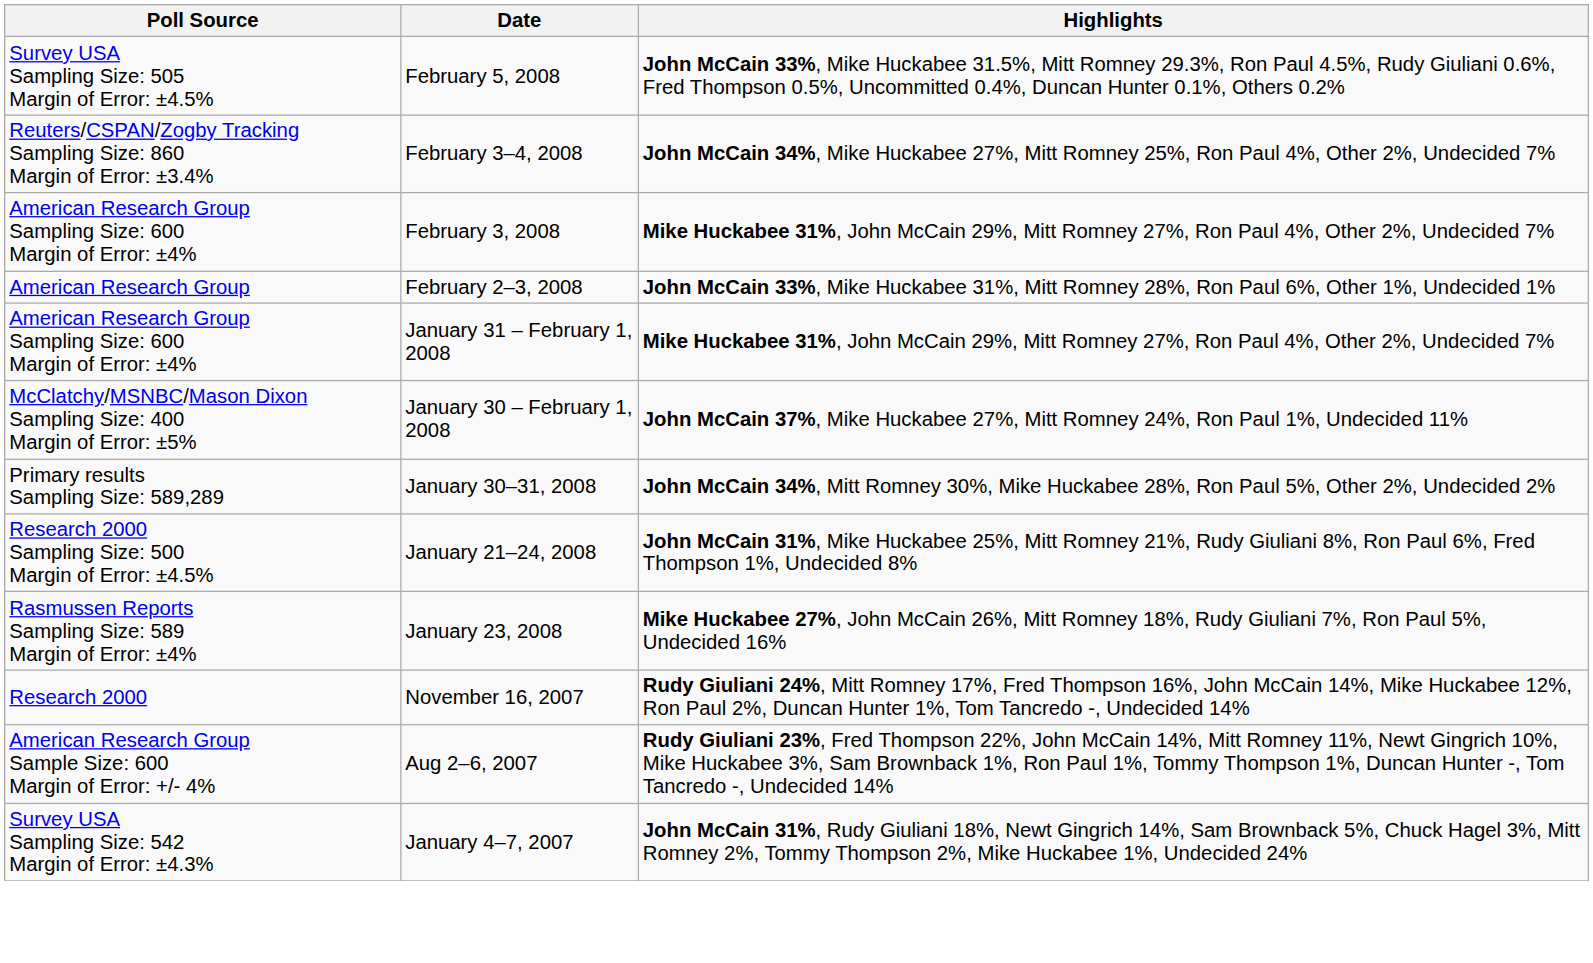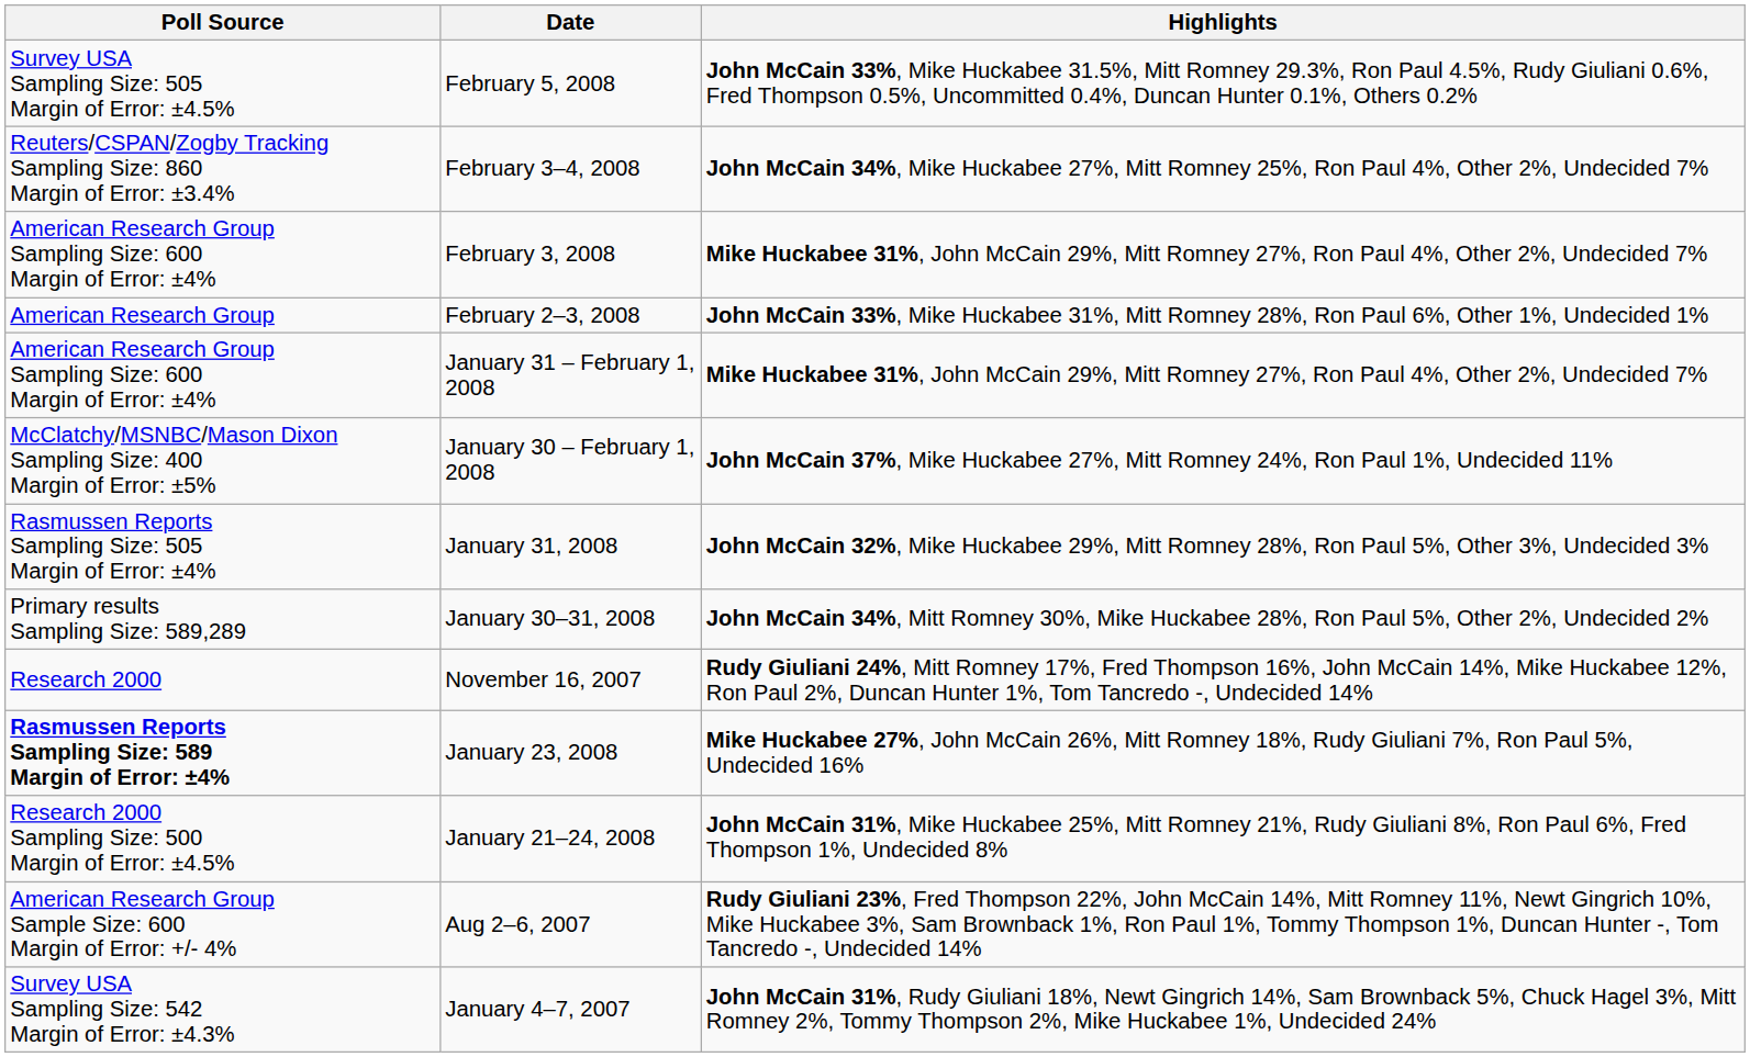 <table class="wikitable sortable">
 <tr>
 <th width="25%">Poll Source</th>
 <th width="15%">Date</th>
 <th width="60%">Highlights</th>
 </tr>
 <tr>
 <td><a href='#'>Survey USA</a><br>Sampling Size: 505<br> Margin of Error: ±4.5%</td>
 <td>February 5, 2008</td>
 <td><strong>John McCain 33%</strong>, Mike Huckabee 31.5%, Mitt Romney 29.3%, Ron Paul 4.5%, Rudy Giuliani 0.6%, Fred Thompson 0.5%, Uncommitted 0.4%, Duncan Hunter 0.1%, Others 0.2%</td>
 </tr>
 <tr>
 <td><a href='#'>Reuters</a>/<a href='#'>CSPAN</a>/<a href='#'>Zogby Tracking</a><br>Sampling Size: 860<br> Margin of Error: ±3.4%</td>
 <td>February 3–4, 2008</td>
 <td><strong>John McCain 34%</strong>, Mike Huckabee 27%, Mitt Romney 25%, Ron Paul 4%, Other 2%, Undecided 7%</td>
 </tr>
 <tr>
 <td><a href='#'>American Research Group</a><br>Sampling Size: 600<br> Margin of Error: ±4%</td>
 <td>February 3, 2008</td>
 <td><strong>Mike Huckabee 31%</strong>, John McCain 29%, Mitt Romney 27%, Ron Paul 4%, Other 2%, Undecided 7%</td>
 </tr>
 <tr>
 <td><a href='#'>American Research Group</a></td>
 <td>February 2–3, 2008</td>
 <td><strong>John McCain 33%</strong>, Mike Huckabee 31%, Mitt Romney 28%, Ron Paul 6%, Other 1%, Undecided 1%</td>
 </tr>
 <tr>
 <td><a href='#'>American Research Group</a><br>Sampling Size: 600<br> Margin of Error: ±4%</td>
 <td>January 31 – February 1, 2008</td>
 <td><strong>Mike Huckabee 31%</strong>, John McCain 29%, Mitt Romney 27%, Ron Paul 4%, Other 2%, Undecided 7%</td>
 </tr>
 <tr>
 <td><a href='#'>McClatchy</a>/<a href='#'>MSNBC</a>/<a href='#'>Mason Dixon</a><br>Sampling Size: 400<br> Margin of Error: ±5%</td>
 <td>January 30 – February 1, 2008</td>
 <td><strong>John McCain 37%</strong>, Mike Huckabee 27%, Mitt Romney 24%, Ron Paul 1%, Undecided 11%</td>
 </tr>
 <tr>
+<td><a href='#'>Rasmussen Reports</a><br>Sampling Size: 505<br> Margin of Error: ±4%</td>
+<td>January 31, 2008</td>
+<td><strong>John McCain 32%</strong>, Mike Huckabee 29%, Mitt Romney 28%, Ron Paul 5%, Other 3%, Undecided 3%</td>
+</tr>
+<tr>
 <td>Primary results<br>Sampling Size: 589,289<br></td>
 <td>January 30–31, 2008</td>
 <td><strong>John McCain 34%</strong>, Mitt Romney 30%, Mike Huckabee 28%, Ron Paul 5%, Other 2%, Undecided 2%</td>
 </tr>
 <tr>
-<td><a href='#'>Research 2000</a><br>Sampling Size: 500<br> Margin of Error: ±4.5%</td>
-<td>January 21–24, 2008</td>
-<td><strong>John McCain 31%</strong>, Mike Huckabee 25%, Mitt Romney 21%, Rudy Giuliani 8%, Ron Paul 6%, Fred Thompson 1%, Undecided 8%</td>
+<td><a href='#'>Research 2000</a></td>
+<td>November 16, 2007</td>
+<td><strong>Rudy Giuliani 24%</strong>, Mitt Romney 17%, Fred Thompson 16%, John McCain 14%, Mike Huckabee 12%, Ron Paul 2%, Duncan Hunter 1%, Tom Tancredo -, Undecided 14%</td>
 </tr>
 <tr>
-<td><a href='#'>Rasmussen Reports</a><br>Sampling Size: 589<br> Margin of Error: ±4%</td>
+<td><strong><a href='#'>Rasmussen Reports</a><br>Sampling Size: 589<br> Margin of Error: ±4%</strong></td>
 <td>January 23, 2008</td>
 <td><strong>Mike Huckabee 27%</strong>, John McCain 26%, Mitt Romney 18%, Rudy Giuliani 7%, Ron Paul 5%, Undecided 16%</td>
 </tr>
 <tr>
-<td><a href='#'>Research 2000</a></td>
-<td>November 16, 2007</td>
-<td><strong>Rudy Giuliani 24%</strong>, Mitt Romney 17%, Fred Thompson 16%, John McCain 14%, Mike Huckabee 12%, Ron Paul 2%, Duncan Hunter 1%, Tom Tancredo -, Undecided 14%</td>
+<td><a href='#'>Research 2000</a><br>Sampling Size: 500<br> Margin of Error: ±4.5%</td>
+<td>January 21–24, 2008</td>
+<td><strong>John McCain 31%</strong>, Mike Huckabee 25%, Mitt Romney 21%, Rudy Giuliani 8%, Ron Paul 6%, Fred Thompson 1%, Undecided 8%</td>
 </tr>
 <tr>
 <td><a href='#'>American Research Group</a><br>Sample Size: 600<br>Margin of Error: +/- 4%</td>
 <td>Aug 2–6, 2007</td>
 <td><strong>Rudy Giuliani 23%</strong>, Fred Thompson 22%, John McCain 14%, Mitt Romney 11%, Newt Gingrich 10%, Mike Huckabee 3%, Sam Brownback 1%, Ron Paul 1%, Tommy Thompson 1%, Duncan Hunter -, Tom Tancredo -, Undecided 14%</td>
 </tr>
 <tr>
 <td><a href='#'>Survey USA</a><br>Sampling Size: 542<br> Margin of Error: ±4.3%</td>
 <td>January 4–7, 2007</td>
 <td><strong>John McCain 31%</strong>, Rudy Giuliani 18%, Newt Gingrich 14%, Sam Brownback 5%, Chuck Hagel 3%, Mitt Romney 2%, Tommy Thompson 2%, Mike Huckabee 1%, Undecided 24%</td>
 </tr>
 </table>
